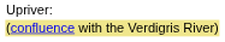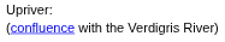 <table>
 <tr>
 <td>Upriver:</td>
 </tr>
 <tr>
-<td style="background: khaki;"> (<a href='#'>confluence</a> with the Verdigris River)</td>
+<td> (<a href='#'>confluence</a> with the Verdigris River)</td>
 </tr>
 <tr>
 <td></td>
 </tr>
 <tr>
 <td></td>
 </tr>
 <tr>
 <td></td>
 </tr>
 <tr>
 <td></td>
 </tr>
 <tr>
 <td></td>
 </tr>
 <tr>
 <td></td>
 </tr>
 <tr>
 <td></td>
 </tr>
 <tr>
 <td></td>
 </tr>
 <tr>
 <td></td>
 </tr>
 <tr>
 <td></td>
 </tr>
 </table>
